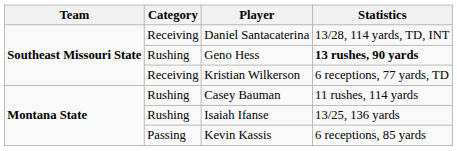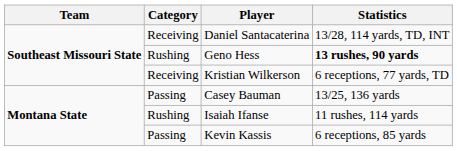 <table class="wikitable" style="float: left;">
 <tr>
 <th>Team</th>
 <th>Category</th>
 <th>Player</th>
 <th>Statistics</th>
 </tr>
 <tr>
 <td rowspan=3><strong>Southeast Missouri State</strong></td>
 <td>Receiving</td>
 <td>Daniel Santacaterina</td>
 <td>13/28, 114 yards, TD, INT</td>
 </tr>
 <tr>
 <td>Rushing</td>
 <td>Geno Hess</td>
 <td><strong>13 rushes, 90 yards</strong></td>
 </tr>
 <tr>
 <td>Receiving</td>
 <td>Kristian Wilkerson</td>
 <td>6 receptions, 77 yards, TD</td>
 </tr>
 <tr>
 <td rowspan=3><strong>Montana State</strong></td>
-<td>Rushing</td>
+<td>Passing</td>
 <td>Casey Bauman</td>
-<td>11 rushes, 114 yards</td>
+<td>13/25, 136 yards</td>
 </tr>
 <tr>
 <td>Rushing</td>
 <td>Isaiah Ifanse</td>
-<td>13/25, 136 yards</td>
+<td>11 rushes, 114 yards</td>
 </tr>
 <tr>
 <td>Passing</td>
 <td>Kevin Kassis</td>
 <td>6 receptions, 85 yards</td>
 </tr>
 </table>
